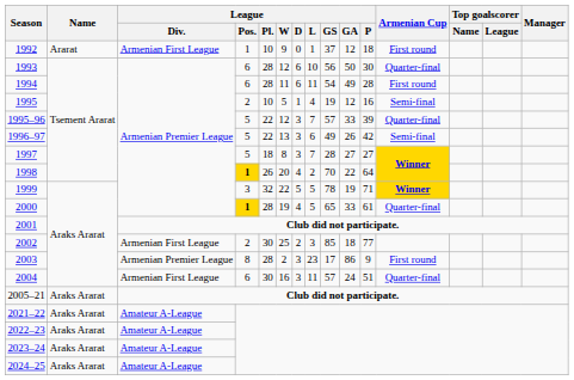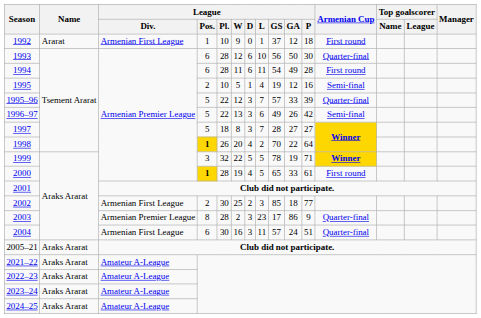 <table class="wikitable" align=center cellspacing="0" cellpadding="3" style="border:1px solid #AAAAAA;font-size:90%">
 <tr style="background:#efefef;">
 <th rowspan="2">Season</th>
 <th rowspan="2">Name</th>
 <th colspan="9">League</th>
 <th rowspan="2"><a href='#'>Armenian Cup</a></th>
 <th colspan="2">Top goalscorer</th>
 <th rowspan="2">Manager</th>
 </tr>
 <tr>
 <th>Div.</th>
 <th>Pos.</th>
 <th>Pl.</th>
 <th>W</th>
 <th>D</th>
 <th>L</th>
 <th>GS</th>
 <th>GA</th>
 <th>P</th>
 <th>Name</th>
 <th>League</th>
 </tr>
 <tr>
 <td align=center><a href='#'>1992</a></td>
 <td>Ararat</td>
 <td><a href='#'>Armenian First League</a></td>
 <td align=center>1</td>
 <td align=center>10</td>
 <td align=center>9</td>
 <td align=center>0</td>
 <td align=center>1</td>
 <td align=center>37</td>
 <td align=center>12</td>
 <td align=center>18</td>
 <td align=center><a href='#'>First round</a></td>
 <td align=center></td>
 <td align=center></td>
 <td align=center></td>
 </tr>
 <tr>
 <td align=center><a href='#'>1993</a></td>
 <td rowspan="7">Tsement Ararat</td>
 <td rowspan="9"><a href='#'>Armenian Premier League</a></td>
 <td align=center>6</td>
 <td align=center>28</td>
 <td align=center>12</td>
 <td align=center>6</td>
 <td align=center>10</td>
 <td align=center>56</td>
 <td align=center>50</td>
 <td align=center>30</td>
 <td align=center><a href='#'>Quarter-final</a></td>
 <td align=center></td>
 <td align=center></td>
 <td align=center></td>
 </tr>
 <tr>
 <td align=center><a href='#'>1994</a></td>
 <td align=center>6</td>
 <td align=center>28</td>
 <td align=center>11</td>
 <td align=center>6</td>
 <td align=center>11</td>
 <td align=center>54</td>
 <td align=center>49</td>
 <td align=center>28</td>
 <td align=center><a href='#'>First round</a></td>
 <td align=center></td>
 <td align=center></td>
 <td align=center></td>
 </tr>
 <tr>
 <td align=center><a href='#'>1995</a></td>
 <td align=center>2</td>
 <td align=center>10</td>
 <td align=center>5</td>
 <td align=center>1</td>
 <td align=center>4</td>
 <td align=center>19</td>
 <td align=center>12</td>
 <td align=center>16</td>
 <td align=center><a href='#'>Semi-final</a></td>
 <td align=center></td>
 <td align=center></td>
 <td align=center></td>
 </tr>
 <tr>
 <td align=center><a href='#'>1995–96</a></td>
 <td align=center>5</td>
 <td align=center>22</td>
 <td align=center>12</td>
 <td align=center>3</td>
 <td align=center>7</td>
 <td align=center>57</td>
 <td align=center>33</td>
 <td align=center>39</td>
 <td align=center><a href='#'>Quarter-final</a></td>
 <td align=center></td>
 <td align=center></td>
 <td align=center></td>
 </tr>
 <tr>
 <td align=center><a href='#'>1996–97</a></td>
 <td align=center>5</td>
 <td align=center>22</td>
 <td align=center>13</td>
 <td align=center>3</td>
 <td align=center>6</td>
 <td align=center>49</td>
 <td align=center>26</td>
 <td align=center>42</td>
 <td align=center><a href='#'>Semi-final</a></td>
 <td align=center></td>
 <td align=center></td>
 <td align=center></td>
 </tr>
 <tr>
 <td align=center><a href='#'>1997</a></td>
 <td align=center>5</td>
 <td align=center>18</td>
 <td align=center>8</td>
 <td align=center>3</td>
 <td align=center>7</td>
 <td align=center>28</td>
 <td align=center>27</td>
 <td align=center>27</td>
 <td rowspan="2" style="text-align:center; background:gold;"><strong><a href='#'>Winner</a></strong></td>
 <td align=center></td>
 <td align=center></td>
 <td align=center></td>
 </tr>
 <tr>
 <td align=center><a href='#'>1998</a></td>
 <td style="text-align:center; background:gold;"><strong>1</strong></td>
 <td align=center>26</td>
 <td align=center>20</td>
 <td align=center>4</td>
 <td align=center>2</td>
 <td align=center>70</td>
 <td align=center>22</td>
 <td align=center>64</td>
 <td align=center></td>
 <td align=center></td>
 <td align=center></td>
 </tr>
 <tr>
 <td align=center><a href='#'>1999</a></td>
 <td rowspan="6">Araks Ararat</td>
 <td align=center>3</td>
 <td align=center>32</td>
 <td align=center>22</td>
 <td align=center>5</td>
 <td align=center>5</td>
 <td align=center>78</td>
 <td align=center>19</td>
 <td align=center>71</td>
 <td style="text-align:center; background:gold;"><strong><a href='#'>Winner</a></strong></td>
 <td align=center></td>
 <td align=center></td>
 <td align=center></td>
 </tr>
 <tr>
 <td align=center><a href='#'>2000</a></td>
 <td style="text-align:center; background:gold;"><strong>1</strong></td>
 <td align=center>28</td>
 <td align=center>19</td>
 <td align=center>4</td>
 <td align=center>5</td>
 <td align=center>65</td>
 <td align=center>33</td>
 <td align=center>61</td>
-<td align=center><a href='#'>Quarter-final</a></td>
+<td align=center><a href='#'>First round</a></td>
 <td align=center></td>
 <td align=center></td>
 <td align=center></td>
 </tr>
 <tr>
 <td align=center><a href='#'>2001</a></td>
 <td colspan="13" style="text-align:center"><strong>Club did not participate.</strong></td>
 </tr>
 <tr>
 <td align=center><a href='#'>2002</a></td>
 <td>Armenian First League</td>
 <td align=center>2</td>
 <td align=center>30</td>
 <td align=center>25</td>
 <td align=center>2</td>
 <td align=center>3</td>
 <td align=center>85</td>
 <td align=center>18</td>
 <td align=center>77</td>
 <td align=center></td>
 <td align=center></td>
 <td align=center></td>
 <td align=center></td>
 </tr>
 <tr>
 <td align=center><a href='#'>2003</a></td>
 <td>Armenian Premier League</td>
 <td align=center>8</td>
 <td align=center>28</td>
 <td align=center>2</td>
 <td align=center>3</td>
 <td align=center>23</td>
 <td align=center>17</td>
 <td align=center>86</td>
 <td align=center>9</td>
-<td align=center><a href='#'>First round</a></td>
+<td align=center><a href='#'>Quarter-final</a></td>
 <td align=center></td>
 <td align=center></td>
 <td align=center></td>
 </tr>
 <tr>
 <td align=center><a href='#'>2004</a></td>
 <td>Armenian First League</td>
 <td align=center>6</td>
 <td align=center>30</td>
 <td align=center>16</td>
 <td align=center>3</td>
 <td align=center>11</td>
 <td align=center>57</td>
 <td align=center>24</td>
 <td align=center>51</td>
 <td align=center><a href='#'>Quarter-final</a></td>
 <td align=center></td>
 <td align=center></td>
 <td align=center></td>
 </tr>
 <tr>
 <td align=center>2005–21</td>
 <td>Araks Ararat</td>
 <td colspan="13" style="text-align:center"><strong>Club did not participate.</strong></td>
 </tr>
 <tr>
 <td align=center><a href='#'>2021–22</a></td>
 <td>Araks Ararat</td>
 <td><a href='#'>Amateur A-League</a></td>
 </tr>
 <tr>
 <td align=center><a href='#'>2022–23</a></td>
 <td>Araks Ararat</td>
 <td><a href='#'>Amateur A-League</a></td>
 </tr>
 <tr>
 <td align=center><a href='#'>2023–24</a></td>
 <td>Araks Ararat</td>
 <td><a href='#'>Amateur A-League</a></td>
 </tr>
 <tr>
 <td align=center><a href='#'>2024–25</a></td>
 <td>Araks Ararat</td>
 <td><a href='#'>Amateur A-League</a></td>
 </tr>
 </table>
